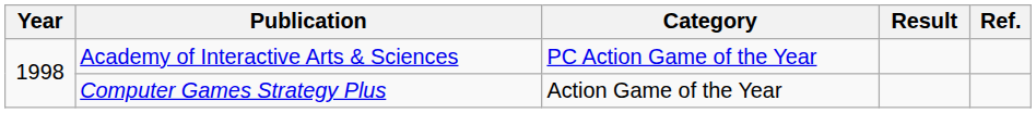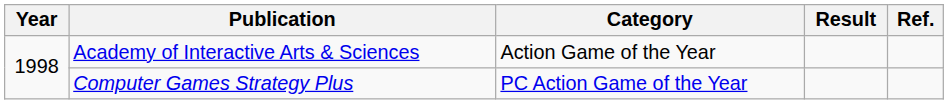 <table class="wikitable" style="width:60%;">
 <tr>
 <th>Year</th>
 <th>Publication</th>
 <th>Category</th>
 <th>Result</th>
 <th class="unsortable">Ref.</th>
 </tr>
 <tr>
 <td rowspan="2" align="center">1998</td>
 <td rowspan="1"><a href='#'>Academy of Interactive Arts & Sciences</a></td>
-<td><a href='#'>PC Action Game of the Year</a></td>
+<td>Action Game of the Year</td>
 <td></td>
 <td style="text-align:center;"></td>
 </tr>
 <tr>
 <td rowspan="1"><em><a href='#'>Computer Games Strategy Plus</a></em></td>
-<td>Action Game of the Year</td>
+<td><a href='#'>PC Action Game of the Year</a></td>
 <td></td>
 <td style="text-align:center;"></td>
 </tr>
 </table>
